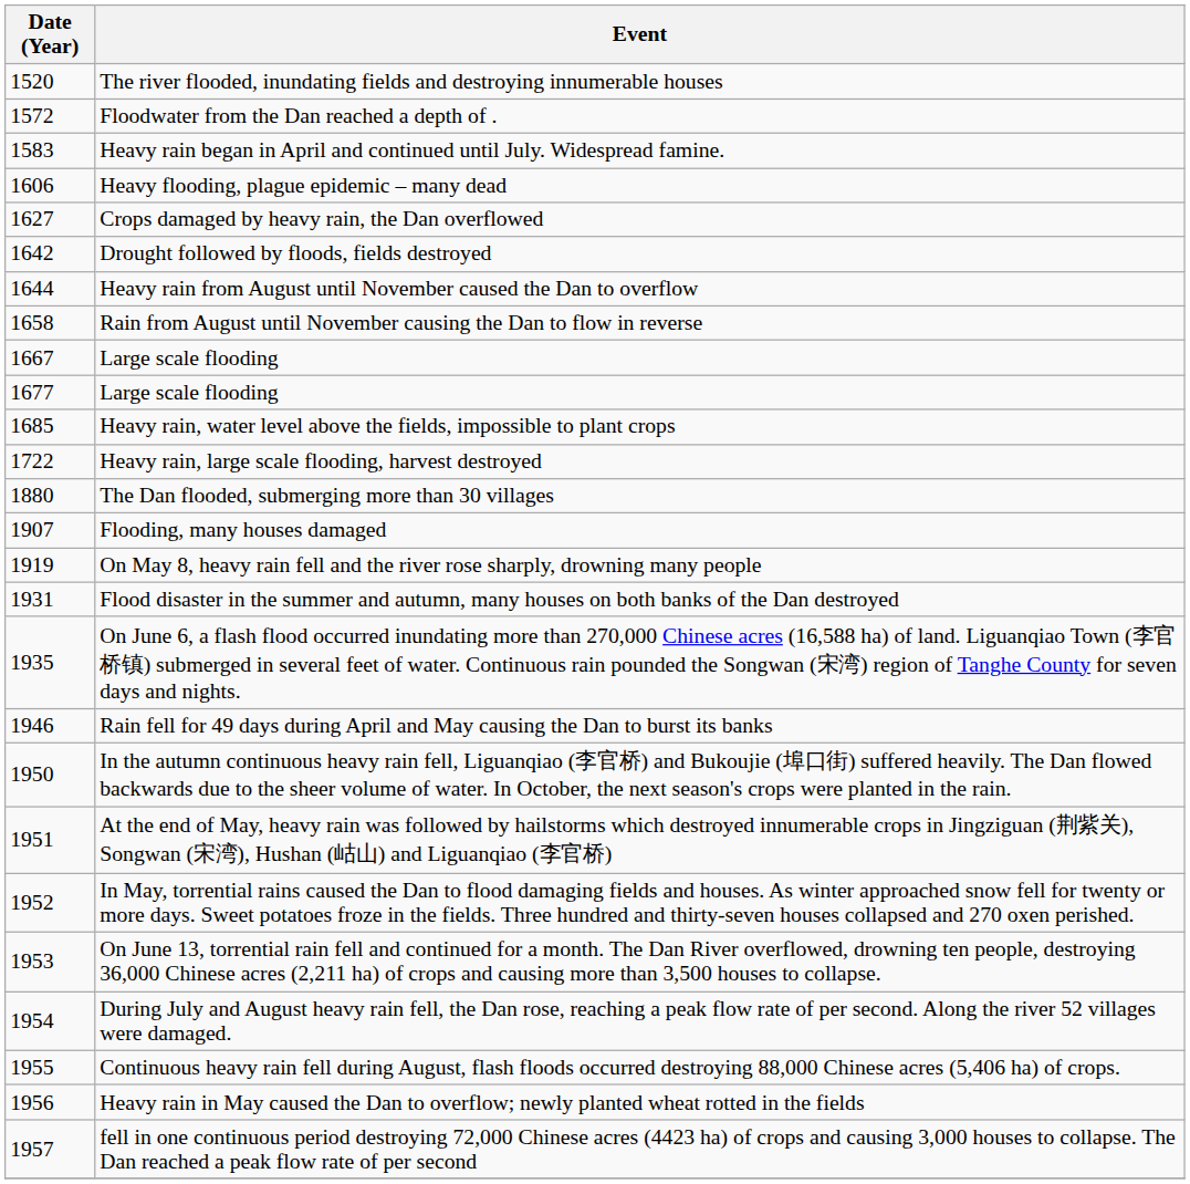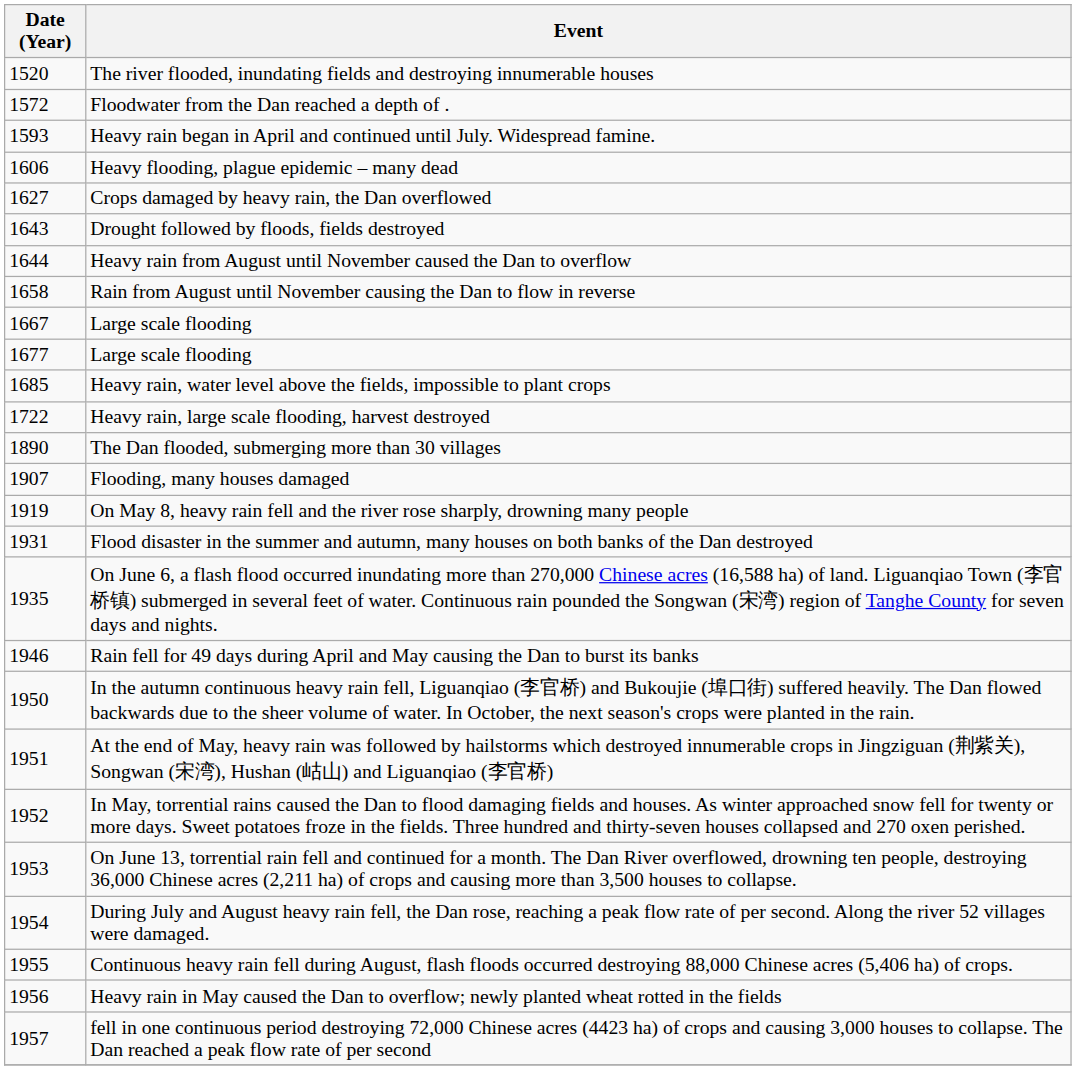 <table class="wikitable">
 <tr>
 <th>Date (Year)</th>
 <th>Event</th>
 </tr>
 <tr ---->
 <td>1520</td>
 <td>The river flooded, inundating fields and destroying innumerable houses</td>
 </tr>
 <tr ---->
 <td>1572</td>
 <td>Floodwater from the Dan reached a depth of .</td>
 </tr>
 <tr ---->
-<td>1583</td>
+<td>1593</td>
 <td>Heavy rain began in April and continued until July. Widespread famine.</td>
 </tr>
 <tr ---->
 <td>1606</td>
 <td>Heavy flooding, plague epidemic – many dead</td>
 </tr>
 <tr ---->
 <td>1627</td>
 <td>Crops damaged by heavy rain, the Dan overflowed</td>
 </tr>
 <tr ---->
-<td>1642</td>
+<td>1643</td>
 <td>Drought followed by floods, fields destroyed</td>
 </tr>
 <tr ---->
 <td>1644</td>
 <td>Heavy rain from August until November caused the Dan to overflow</td>
 </tr>
 <tr ---->
 <td>1658</td>
 <td>Rain from August until November causing the Dan to flow in reverse</td>
 </tr>
 <tr ---->
 <td>1667</td>
 <td>Large scale flooding</td>
 </tr>
 <tr ---->
 <td>1677</td>
 <td>Large scale flooding</td>
 </tr>
 <tr ---->
 <td>1685</td>
 <td>Heavy rain, water level above the fields, impossible to plant crops</td>
 </tr>
 <tr ---->
 <td>1722</td>
 <td>Heavy rain, large scale flooding, harvest destroyed</td>
 </tr>
 <tr ---->
-<td>1880</td>
+<td>1890</td>
 <td>The Dan flooded, submerging more than 30 villages</td>
 </tr>
 <tr ---->
 <td>1907</td>
 <td>Flooding, many houses damaged</td>
 </tr>
 <tr ---->
 <td>1919</td>
 <td>On May 8, heavy rain fell and the river rose sharply, drowning many people</td>
 </tr>
 <tr ---->
 <td>1931</td>
 <td>Flood disaster in the summer and autumn, many houses on both banks of the Dan destroyed</td>
 </tr>
 <tr ---->
 <td>1935</td>
 <td>On June 6, a flash flood occurred inundating more than 270,000 <a href='#'>Chinese acres</a> (16,588 ha) of land. Liguanqiao Town (李官桥镇) submerged in several feet of water. Continuous rain pounded the Songwan (宋湾) region of <a href='#'>Tanghe County</a> for seven days and nights.</td>
 </tr>
 <tr ---->
 <td>1946</td>
 <td>Rain fell for 49 days during April and May causing the Dan to burst its banks</td>
 </tr>
 <tr ---->
 <td>1950</td>
 <td>In the autumn continuous heavy rain fell, Liguanqiao (李官桥) and Bukoujie (埠口街) suffered heavily. The Dan flowed backwards due to the sheer volume of water. In October, the next season's crops were planted in the rain.</td>
 </tr>
 <tr ---->
 <td>1951</td>
 <td>At the end of May, heavy rain was followed by hailstorms which destroyed innumerable crops in Jingziguan (荆紫关), Songwan (宋湾), Hushan (岵山) and Liguanqiao (李官桥)</td>
 </tr>
 <tr ---->
 <td>1952</td>
 <td>In May, torrential rains caused the Dan to flood damaging fields and houses. As winter approached snow fell for twenty or more days. Sweet potatoes froze in the fields. Three hundred and thirty-seven houses collapsed and 270 oxen perished.</td>
 </tr>
 <tr ---->
 <td>1953</td>
 <td>On June 13, torrential rain fell and continued for a month. The Dan River overflowed, drowning ten people, destroying 36,000 Chinese acres (2,211 ha) of crops and causing more than 3,500 houses to collapse.</td>
 </tr>
 <tr ---->
 <td>1954</td>
 <td>During July and August heavy rain fell, the Dan rose, reaching a peak flow rate of  per second. Along the river 52 villages were damaged.</td>
 </tr>
 <tr ---->
 <td>1955</td>
 <td>Continuous heavy rain fell during August, flash floods occurred destroying 88,000 Chinese acres (5,406 ha) of crops.</td>
 </tr>
 <tr ---->
 <td>1956</td>
 <td>Heavy rain in May caused the Dan to overflow; newly planted wheat rotted in the fields</td>
 </tr>
 <tr ---->
 <td>1957</td>
 <td> fell in one continuous period destroying 72,000 Chinese acres (4423 ha) of crops and causing 3,000 houses to collapse. The Dan reached a peak flow rate of  per second</td>
 </tr>
 <tr ---->
 </tr>
 </table>
